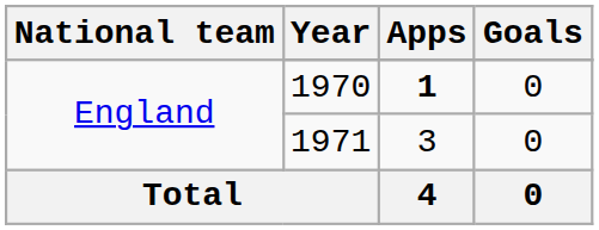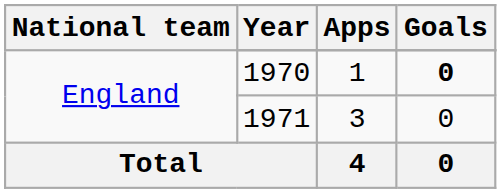 <table class="wikitable" style="text-align: center;">
 <tr>
 <th>National team</th>
 <th>Year</th>
 <th>Apps</th>
 <th>Goals</th>
 </tr>
 <tr>
 <td rowspan="3"><a href='#'>England</a></td>
 </tr>
 <tr>
 <td>1970</td>
-<td><strong>1</strong></td>
-<td>0</td>
+<td>1</td>
+<td><strong>0</strong></td>
 </tr>
 <tr>
 <td>1971</td>
 <td>3</td>
 <td>0</td>
 </tr>
 <tr>
 <th colspan="2">Total</th>
 <th>4</th>
 <th>0</th>
 </tr>
 </table>
